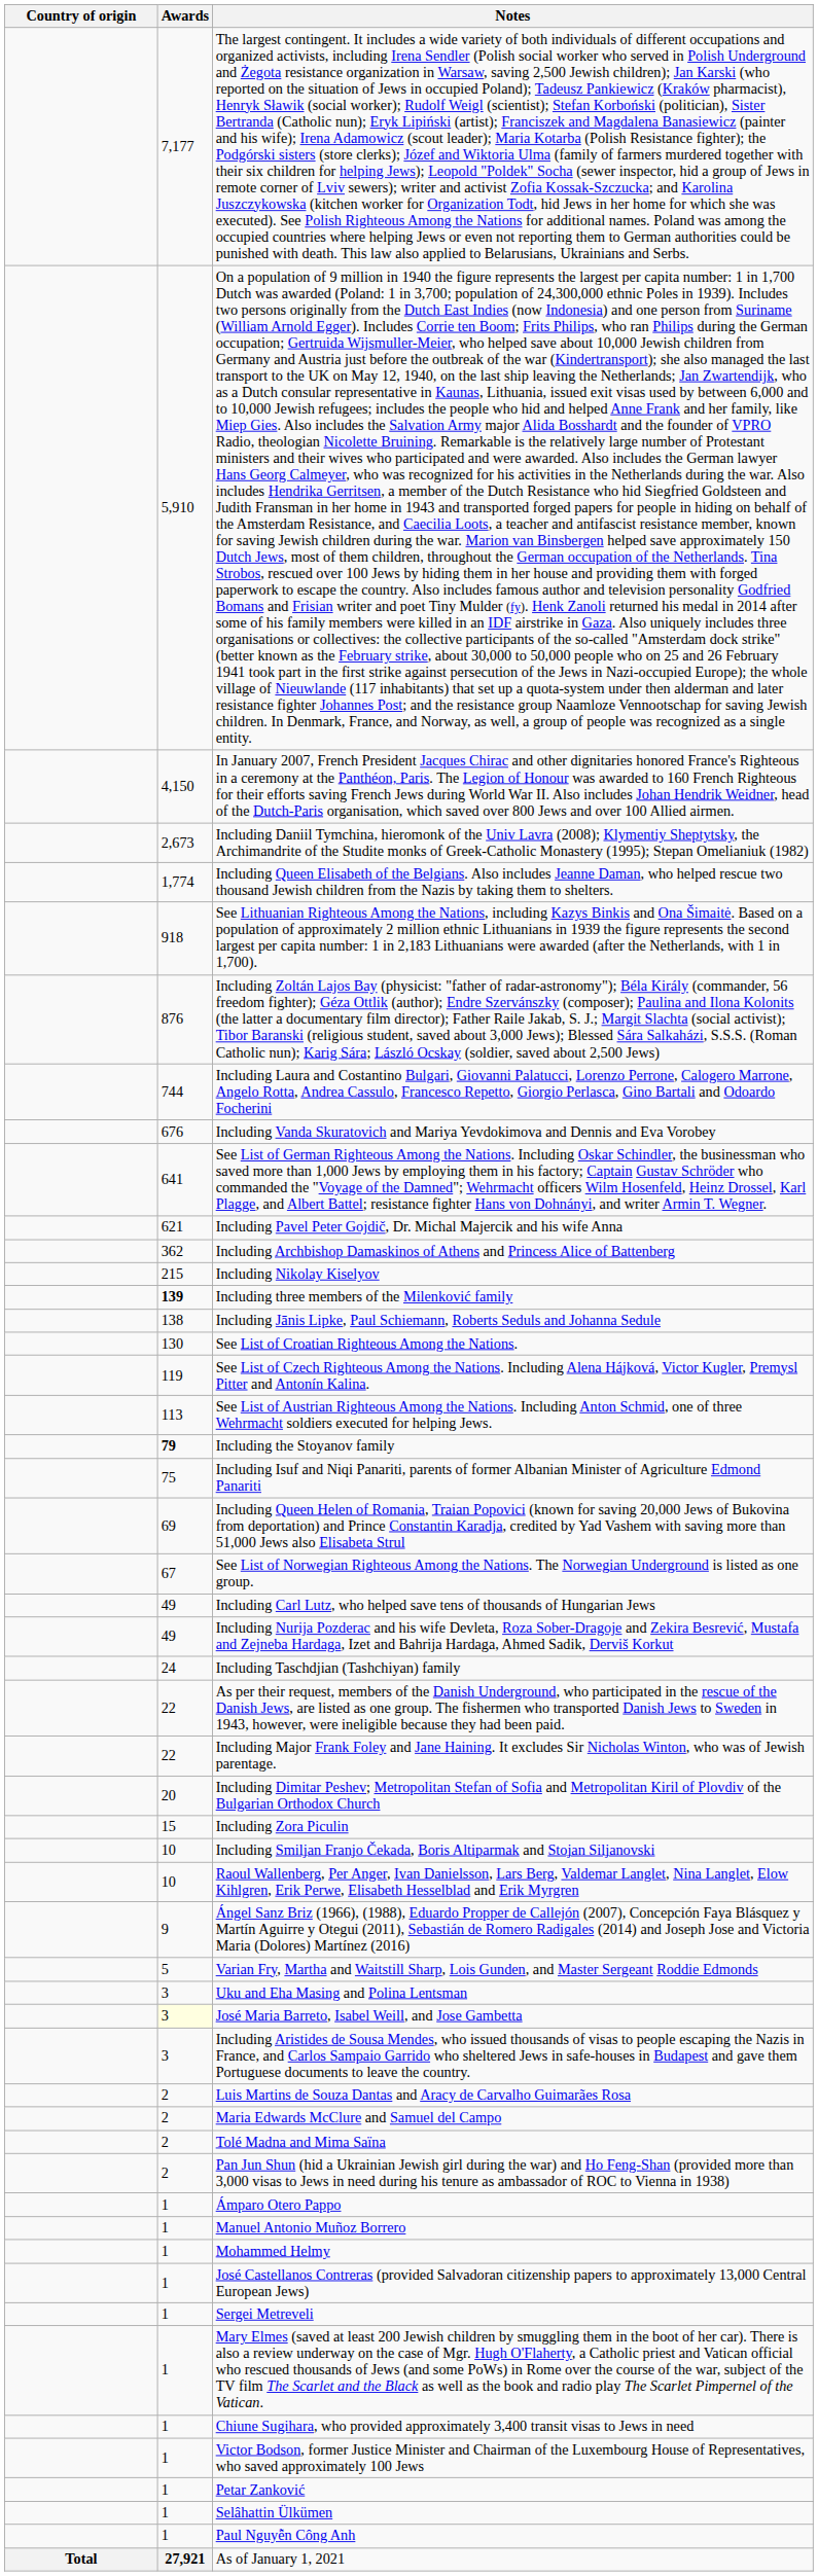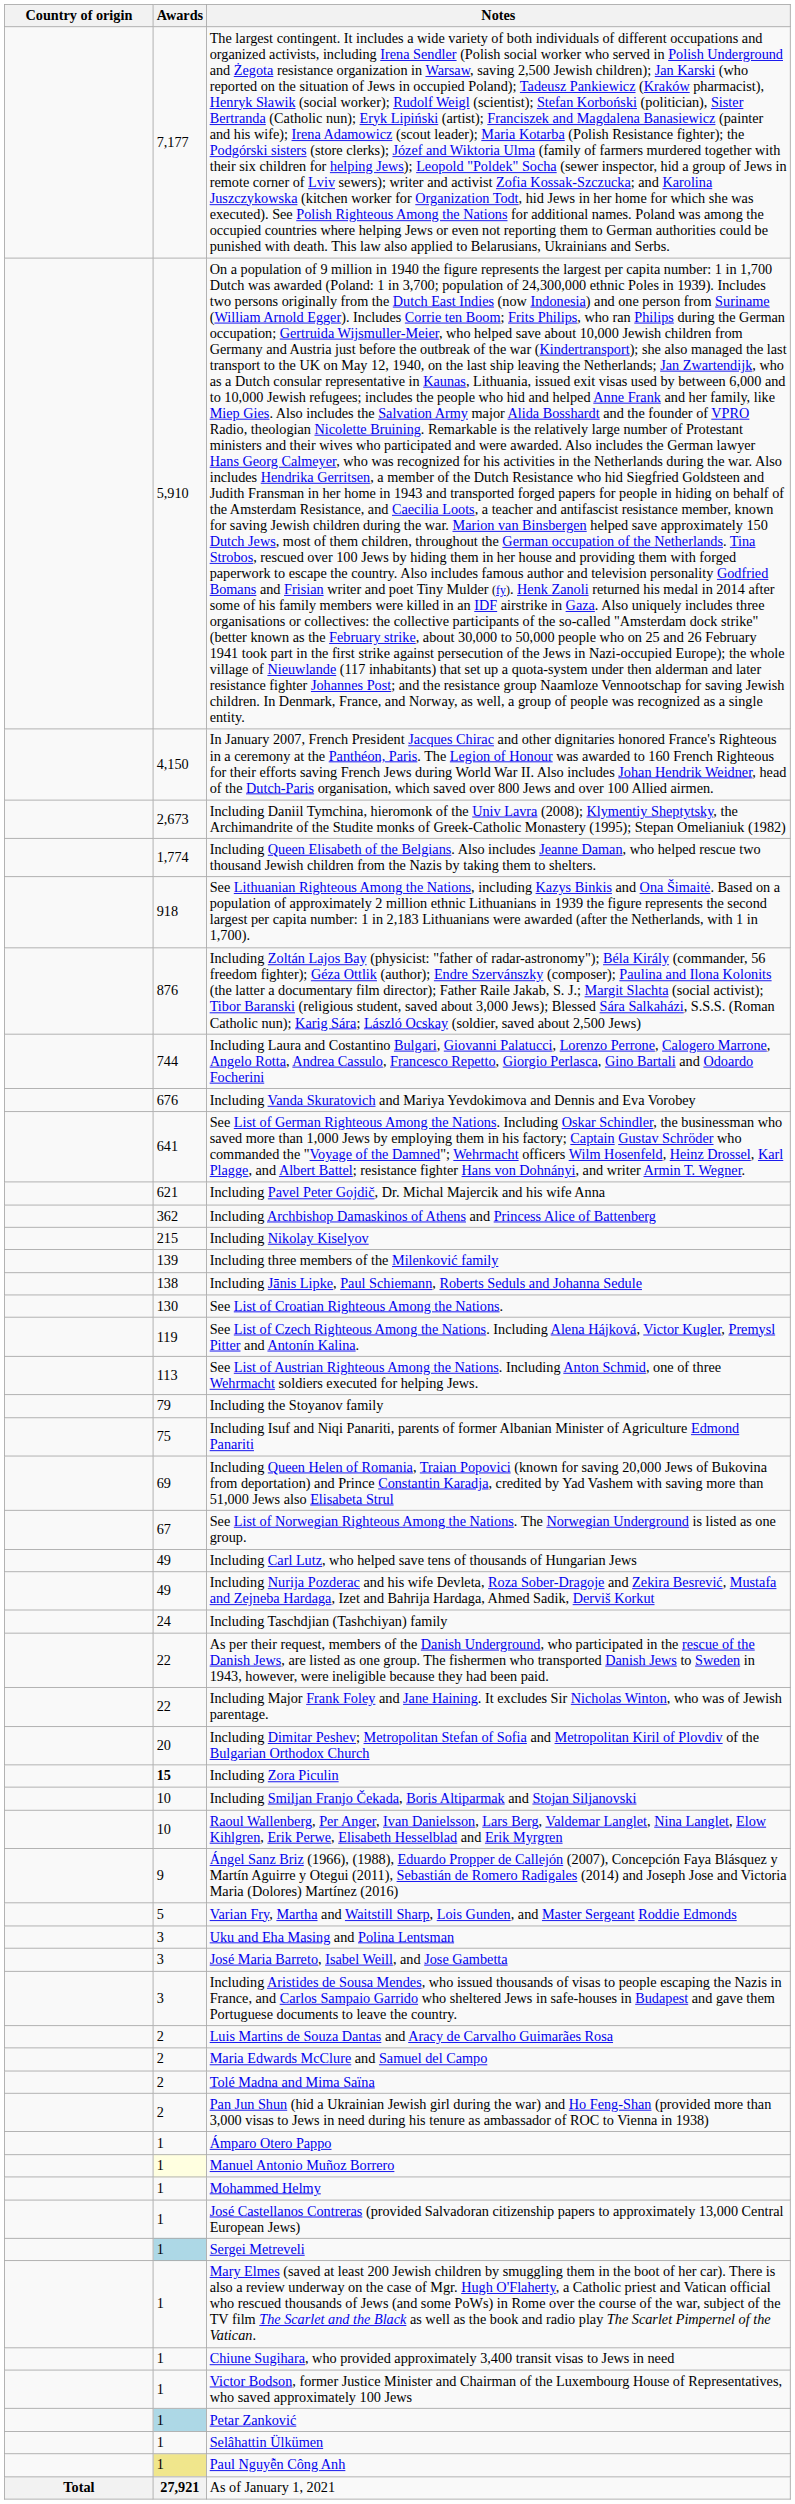 <table class="wikitable sortable" style="margin:auto;">
 <tr>
 <th scope="col" style="width:10em;">Country of origin</th>
 <th scope="col">Awards</th>
 <th scope="col">Notes</th>
 </tr>
 <tr>
 <td></td>
 <td>7,177</td>
 <td>The largest contingent. It includes a wide variety of both individuals of different occupations and organized activists, including <a href='#'>Irena Sendler</a> (Polish social worker who served in <a href='#'>Polish Underground</a> and <a href='#'>Żegota</a> resistance organization in <a href='#'>Warsaw</a>, saving 2,500 Jewish children); <a href='#'>Jan Karski</a> (who reported on the situation of Jews in occupied Poland); <a href='#'>Tadeusz Pankiewicz</a> (<a href='#'>Kraków</a> pharmacist), <a href='#'>Henryk Sławik</a> (social worker); <a href='#'>Rudolf Weigl</a> (scientist); <a href='#'>Stefan Korboński</a> (politician), <a href='#'>Sister Bertranda</a> (Catholic nun); <a href='#'>Eryk Lipiński</a> (artist); <a href='#'>Franciszek and Magdalena Banasiewicz</a> (painter and his wife); <a href='#'>Irena Adamowicz</a> (scout leader); <a href='#'>Maria Kotarba</a> (Polish Resistance fighter); the <a href='#'>Podgórski sisters</a> (store clerks); <a href='#'>Józef and Wiktoria Ulma</a> (family of farmers murdered together with their six children for <a href='#'>helping Jews</a>); <a href='#'>Leopold "Poldek" Socha</a> (sewer inspector, hid a group of Jews in remote corner of <a href='#'>Lviv</a> sewers); writer and activist <a href='#'>Zofia Kossak-Szczucka</a>; and <a href='#'>Karolina Juszczykowska</a> (kitchen worker for <a href='#'>Organization Todt</a>, hid Jews in her home for which she was executed). See <a href='#'>Polish Righteous Among the Nations</a> for additional names. Poland was among the occupied countries where helping Jews or even not reporting them to German authorities could be punished with death. This law also applied to Belarusians, Ukrainians and Serbs.</td>
 </tr>
 <tr>
 <td></td>
 <td>5,910</td>
 <td>On a population of 9 million in 1940 the figure represents the largest per capita number: 1 in 1,700 Dutch was awarded (Poland: 1 in 3,700; population of 24,300,000 ethnic Poles in 1939).  Includes two persons originally from the <a href='#'>Dutch East Indies</a> (now <a href='#'>Indonesia</a>) and one person from <a href='#'>Suriname</a> (<a href='#'>William Arnold Egger</a>). Includes <a href='#'>Corrie ten Boom</a>; <a href='#'>Frits Philips</a>, who ran <a href='#'>Philips</a> during the German occupation; <a href='#'>Gertruida Wijsmuller-Meier</a>, who helped save about 10,000 Jewish children from Germany and Austria just before the outbreak of the war (<a href='#'>Kindertransport</a>); she also managed the last transport to the UK on May 12, 1940, on the last ship leaving the Netherlands; <a href='#'>Jan Zwartendijk</a>, who as a Dutch consular representative in <a href='#'>Kaunas</a>, Lithuania, issued exit visas used by between 6,000 and to 10,000 Jewish refugees; includes the people who hid and helped <a href='#'>Anne Frank</a> and her family, like <a href='#'>Miep Gies</a>. Also includes the <a href='#'>Salvation Army</a> major <a href='#'>Alida Bosshardt</a> and the founder of <a href='#'>VPRO</a> Radio, theologian <a href='#'>Nicolette Bruining</a>. Remarkable is the relatively large number of Protestant ministers and their wives who participated and were awarded. Also includes the German lawyer <a href='#'>Hans Georg Calmeyer</a>, who was recognized for his activities in the Netherlands during the war. Also includes <a href='#'>Hendrika Gerritsen</a>, a member of the Dutch Resistance who hid Siegfried Goldsteen and Judith Fransman in her home in 1943 and transported forged papers for people in hiding on behalf of the Amsterdam Resistance, and <a href='#'>Caecilia Loots</a>, a teacher and antifascist resistance member, known for saving Jewish children during the war. <a href='#'>Marion van Binsbergen</a> helped save approximately 150 <a href='#'>Dutch Jews</a>, most of them children, throughout the <a href='#'>German occupation of the Netherlands</a>. <a href='#'>Tina Strobos</a>, rescued over 100 Jews by hiding them in her house and providing them with forged paperwork to escape the country. Also includes famous author and television personality <a href='#'>Godfried Bomans</a> and <a href='#'>Frisian</a> writer and poet Tiny Mulder <small>(<a href='#'>fy</a>)</small>. <a href='#'>Henk Zanoli</a> returned his medal in 2014 after some of his family members were killed in an <a href='#'>IDF</a> airstrike in <a href='#'>Gaza</a>. Also uniquely includes three organisations or collectives: the collective participants of the so-called "Amsterdam dock strike" (better known as the <a href='#'>February strike</a>, about 30,000 to 50,000 people who on 25 and 26 February 1941 took part in the first strike against persecution of the Jews in Nazi-occupied Europe); the whole village of <a href='#'>Nieuwlande</a> (117 inhabitants) that set up a quota-system under then alderman and later resistance fighter <a href='#'>Johannes Post</a>; and the resistance group Naamloze Vennootschap for saving Jewish children. In Denmark, France, and Norway, as well, a group of people was recognized as a single entity.</td>
 </tr>
 <tr>
 <td></td>
 <td>4,150</td>
 <td>In January 2007, French President <a href='#'>Jacques Chirac</a> and other dignitaries honored France's Righteous in a ceremony at the <a href='#'>Panthéon, Paris</a>. The <a href='#'>Legion of Honour</a> was awarded to 160 French Righteous for their efforts saving French Jews during World War II. Also includes <a href='#'>Johan Hendrik Weidner</a>, head of the <a href='#'>Dutch-Paris</a> organisation, which saved over 800 Jews and over 100 Allied airmen.</td>
 </tr>
 <tr>
 <td></td>
 <td>2,673</td>
 <td>Including Daniil Tymchina, hieromonk of the <a href='#'>Univ Lavra</a> (2008); <a href='#'>Klymentiy Sheptytsky</a>, the Archimandrite of the Studite monks of Greek-Catholic Monastery (1995); Stepan Omelianiuk (1982)</td>
 </tr>
 <tr>
 <td></td>
 <td>1,774</td>
 <td>Including <a href='#'>Queen Elisabeth of the Belgians</a>. Also includes <a href='#'>Jeanne Daman</a>, who helped rescue two thousand Jewish children from the Nazis by taking them to shelters.</td>
 </tr>
 <tr>
 <td></td>
 <td>918</td>
 <td>See <a href='#'>Lithuanian Righteous Among the Nations</a>, including <a href='#'>Kazys Binkis</a> and <a href='#'>Ona Šimaitė</a>. Based on a population of approximately 2 million ethnic Lithuanians in 1939 the figure represents the second largest per capita number: 1 in 2,183 Lithuanians were awarded (after the Netherlands, with 1 in 1,700).</td>
 </tr>
 <tr>
 <td></td>
 <td>876</td>
 <td>Including <a href='#'>Zoltán Lajos Bay</a> (physicist: "father of radar-astronomy"); <a href='#'>Béla Király</a> (commander, 56 freedom fighter); <a href='#'>Géza Ottlik</a> (author); <a href='#'>Endre Szervánszky</a> (composer); <a href='#'>Paulina and Ilona Kolonits</a> (the latter a documentary film director); Father Raile Jakab, S. J.; <a href='#'>Margit Slachta</a> (social activist); <a href='#'>Tibor Baranski</a> (religious student, saved about 3,000 Jews); Blessed <a href='#'>Sára Salkaházi</a>, S.S.S. (Roman Catholic nun); <a href='#'>Karig Sára</a>; <a href='#'>László Ocskay</a> (soldier, saved about 2,500 Jews)</td>
 </tr>
 <tr>
 <td></td>
 <td>744</td>
 <td>Including Laura and Costantino <a href='#'>Bulgari</a>, <a href='#'>Giovanni Palatucci</a>, <a href='#'>Lorenzo Perrone</a>, <a href='#'>Calogero Marrone</a>, <a href='#'>Angelo Rotta</a>, <a href='#'>Andrea Cassulo</a>, <a href='#'>Francesco Repetto</a>, <a href='#'>Giorgio Perlasca</a>, <a href='#'>Gino Bartali</a> and <a href='#'>Odoardo Focherini</a></td>
 </tr>
 <tr>
 <td></td>
 <td>676</td>
 <td>Including <a href='#'>Vanda Skuratovich</a> and Mariya Yevdokimova and Dennis and Eva Vorobey</td>
 </tr>
 <tr>
 <td></td>
 <td>641</td>
 <td>See <a href='#'>List of German Righteous Among the Nations</a>. Including <a href='#'>Oskar Schindler</a>, the businessman who saved more than 1,000 Jews by employing them in his factory; <a href='#'>Captain</a> <a href='#'>Gustav Schröder</a> who commanded the "<a href='#'>Voyage of the Damned</a>"; <a href='#'>Wehrmacht</a> officers <a href='#'>Wilm Hosenfeld</a>, <a href='#'>Heinz Drossel</a>, <a href='#'>Karl Plagge</a>, and <a href='#'>Albert Battel</a>; resistance fighter <a href='#'>Hans von Dohnányi</a>, and writer <a href='#'>Armin T. Wegner</a>.</td>
 </tr>
 <tr>
 <td></td>
 <td>621</td>
 <td>Including <a href='#'>Pavel Peter Gojdič</a>, Dr. Michal Majercik and his wife Anna</td>
 </tr>
 <tr>
 <td></td>
 <td>362</td>
 <td>Including <a href='#'>Archbishop Damaskinos of Athens</a> and <a href='#'>Princess Alice of Battenberg</a></td>
 </tr>
 <tr>
 <td></td>
 <td>215</td>
 <td>Including <a href='#'>Nikolay Kiselyov</a></td>
 </tr>
 <tr>
 <td></td>
-<td><strong>139</strong></td>
+<td>139</td>
 <td>Including three members of the <a href='#'>Milenković family</a></td>
 </tr>
 <tr>
 <td></td>
 <td>138</td>
 <td>Including <a href='#'>Jānis Lipke</a>, <a href='#'>Paul Schiemann</a>, <a href='#'>Roberts Seduls and Johanna Sedule</a></td>
 </tr>
 <tr>
 <td></td>
 <td>130</td>
 <td>See <a href='#'>List of Croatian Righteous Among the Nations</a>.</td>
 </tr>
 <tr>
 <td></td>
 <td>119</td>
 <td>See <a href='#'>List of Czech Righteous Among the Nations</a>. Including <a href='#'>Alena Hájková</a>, <a href='#'>Victor Kugler</a>, <a href='#'>Premysl Pitter</a> and <a href='#'>Antonín Kalina</a>.</td>
 </tr>
 <tr>
 <td></td>
 <td>113</td>
 <td>See <a href='#'>List of Austrian Righteous Among the Nations</a>. Including <a href='#'>Anton Schmid</a>, one of three <a href='#'>Wehrmacht</a> soldiers executed for helping Jews.</td>
 </tr>
 <tr>
 <td></td>
-<td><strong>79</strong></td>
+<td>79</td>
 <td>Including the Stoyanov family</td>
 </tr>
 <tr>
 <td></td>
 <td>75</td>
 <td> Including Isuf and Niqi Panariti, parents of former Albanian Minister of Agriculture <a href='#'>Edmond Panariti</a></td>
 </tr>
 <tr>
 <td></td>
 <td>69</td>
 <td>Including <a href='#'>Queen Helen of Romania</a>, <a href='#'>Traian Popovici</a> (known for saving 20,000 Jews of Bukovina from deportation) and Prince <a href='#'>Constantin Karadja</a>, credited by Yad Vashem with saving more than 51,000 Jews also <a href='#'>Elisabeta Strul</a></td>
 </tr>
 <tr>
 <td></td>
 <td>67</td>
 <td>See <a href='#'>List of Norwegian Righteous Among the Nations</a>. The <a href='#'>Norwegian Underground</a> is listed as one group.</td>
 </tr>
 <tr>
 <td></td>
 <td>49</td>
 <td>Including <a href='#'>Carl Lutz</a>, who helped save tens of thousands of Hungarian Jews</td>
 </tr>
 <tr>
 <td></td>
 <td>49</td>
 <td>Including <a href='#'>Nurija Pozderac</a> and his wife Devleta, <a href='#'>Roza Sober-Dragoje</a> and <a href='#'>Zekira Besrević</a>, <a href='#'>Mustafa and Zejneba Hardaga</a>, Izet and Bahrija Hardaga, Ahmed Sadik, <a href='#'>Derviš Korkut</a></td>
 </tr>
 <tr>
 <td></td>
 <td>24</td>
 <td>Including Taschdjian (Tashchiyan) family</td>
 </tr>
 <tr>
 <td></td>
 <td>22</td>
 <td>As per their request, members of the <a href='#'>Danish Underground</a>, who participated in the <a href='#'>rescue of the Danish Jews</a>, are listed as one group. The fishermen who transported <a href='#'>Danish Jews</a> to <a href='#'>Sweden</a> in 1943, however, were ineligible because they had been paid.</td>
 </tr>
 <tr>
 <td></td>
 <td>22</td>
 <td>Including Major <a href='#'>Frank Foley</a> and <a href='#'>Jane Haining</a>. It excludes Sir <a href='#'>Nicholas Winton</a>, who was of Jewish parentage.</td>
 </tr>
 <tr>
 <td></td>
 <td>20</td>
 <td>Including <a href='#'>Dimitar Peshev</a>; <a href='#'>Metropolitan Stefan of Sofia</a> and <a href='#'>Metropolitan Kiril of Plovdiv</a> of the <a href='#'>Bulgarian Orthodox Church</a></td>
 </tr>
 <tr>
 <td></td>
-<td>15</td>
+<td><strong>15</strong></td>
 <td>Including <a href='#'>Zora Piculin</a></td>
 </tr>
 <tr>
 <td></td>
 <td>10</td>
 <td>Including <a href='#'>Smiljan Franjo Čekada</a>, <a href='#'>Boris Altiparmak</a> and <a href='#'>Stojan Siljanovski</a></td>
 </tr>
 <tr>
 <td></td>
 <td>10</td>
 <td><a href='#'>Raoul Wallenberg</a>, <a href='#'>Per Anger</a>, <a href='#'>Ivan Danielsson</a>, <a href='#'>Lars Berg</a>, <a href='#'>Valdemar Langlet</a>, <a href='#'>Nina Langlet</a>, <a href='#'>Elow Kihlgren</a>, <a href='#'>Erik Perwe</a>, <a href='#'>Elisabeth Hesselblad</a> and <a href='#'>Erik Myrgren</a></td>
 </tr>
 <tr>
 <td></td>
 <td>9</td>
 <td><a href='#'>Ángel Sanz Briz</a> (1966),  (1988), <a href='#'>Eduardo Propper de Callejón</a> (2007), Concepción Faya Blásquez y Martín Aguirre y Otegui (2011), <a href='#'>Sebastián de Romero Radigales</a> (2014) and Joseph Jose and Victoria Maria (Dolores) Martínez (2016)</td>
 </tr>
 <tr>
 <td></td>
 <td>5</td>
 <td><a href='#'>Varian Fry</a>, <a href='#'>Martha</a> and <a href='#'>Waitstill Sharp</a>, <a href='#'>Lois Gunden</a>, and <a href='#'>Master Sergeant</a> <a href='#'>Roddie Edmonds</a></td>
 </tr>
 <tr>
 <td></td>
 <td>3</td>
 <td><a href='#'>Uku and Eha Masing</a> and <a href='#'>Polina Lentsman</a></td>
 </tr>
 <tr>
 <td></td>
-<td style="background: lightyellow;">3</td>
+<td>3</td>
 <td><a href='#'>José Maria Barreto</a>, <a href='#'>Isabel Weill</a>, and <a href='#'>Jose Gambetta</a></td>
 </tr>
 <tr>
 <td></td>
 <td>3</td>
 <td>Including <a href='#'>Aristides de Sousa Mendes</a>, who issued thousands of visas to people escaping the Nazis in France, and <a href='#'>Carlos Sampaio Garrido</a> who sheltered Jews in safe-houses in <a href='#'>Budapest</a> and gave them Portuguese documents to leave the country.</td>
 </tr>
 <tr>
 <td></td>
 <td>2</td>
 <td><a href='#'>Luis Martins de Souza Dantas</a> and <a href='#'>Aracy de Carvalho Guimarães Rosa</a></td>
 </tr>
 <tr>
 <td></td>
 <td>2</td>
 <td><a href='#'>Maria Edwards McClure</a> and <a href='#'>Samuel del Campo</a></td>
 </tr>
 <tr>
 <td></td>
 <td>2</td>
 <td><a href='#'>Tolé Madna and Mima Saïna</a></td>
 </tr>
 <tr>
 <td></td>
 <td>2</td>
 <td><a href='#'>Pan Jun Shun</a> (hid a Ukrainian Jewish girl during the war) and <a href='#'>Ho Feng-Shan</a> (provided more than 3,000 visas to Jews in need during his tenure as ambassador of ROC to Vienna in 1938)</td>
 </tr>
 <tr>
 <td></td>
 <td>1</td>
 <td><a href='#'>Ámparo Otero Pappo</a></td>
 </tr>
 <tr>
 <td></td>
-<td>1</td>
+<td style="background: lightyellow;">1</td>
 <td><a href='#'>Manuel Antonio Muñoz Borrero</a></td>
 </tr>
 <tr>
 <td></td>
 <td>1</td>
 <td><a href='#'>Mohammed Helmy</a></td>
 </tr>
 <tr>
 <td></td>
 <td>1</td>
 <td><a href='#'>José Castellanos Contreras</a> (provided Salvadoran citizenship papers to approximately 13,000 Central European Jews)</td>
 </tr>
 <tr>
 <td></td>
-<td>1</td>
+<td style="background: lightblue;">1</td>
 <td><a href='#'>Sergei Metreveli</a></td>
 </tr>
 <tr>
 <td></td>
 <td>1</td>
 <td><a href='#'>Mary Elmes</a> (saved at least 200 Jewish children by smuggling them in the boot of her car). There is also a review underway on the case of Mgr. <a href='#'>Hugh O'Flaherty</a>, a Catholic priest and Vatican official who rescued thousands of Jews (and some PoWs) in Rome over the course of the war, subject of the TV film <em><a href='#'>The Scarlet and the Black</a></em> as well as the book and radio play <em>The Scarlet Pimpernel of the Vatican</em>.</td>
 </tr>
 <tr>
 <td></td>
 <td>1</td>
 <td><a href='#'>Chiune Sugihara</a>, who provided approximately 3,400 transit visas to Jews in need</td>
 </tr>
 <tr>
 <td></td>
 <td>1</td>
 <td><a href='#'>Victor Bodson</a>, former Justice Minister and Chairman of the Luxembourg House of Representatives, who saved approximately 100 Jews</td>
 </tr>
 <tr>
 <td></td>
-<td>1</td>
+<td style="background: lightblue;">1</td>
 <td><a href='#'>Petar Zanković</a></td>
 </tr>
 <tr>
 <td></td>
 <td>1</td>
 <td><a href='#'>Selâhattin Ülkümen</a></td>
 </tr>
 <tr>
 <td></td>
-<td>1</td>
+<td style="background: khaki;">1</td>
 <td><a href='#'>Paul Nguyễn Công Anh</a></td>
 </tr>
 <tr class="sortbottom">
 <th>Total</th>
 <th>27,921</th>
 <td>As of January 1, 2021</td>
 </tr>
 </table>
